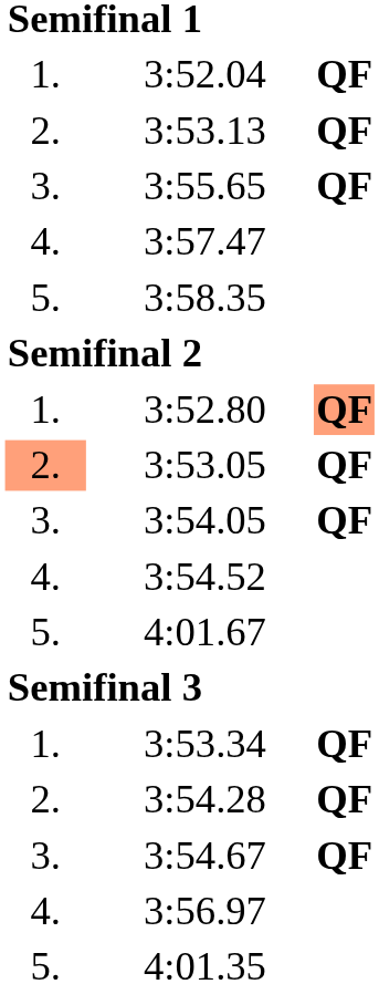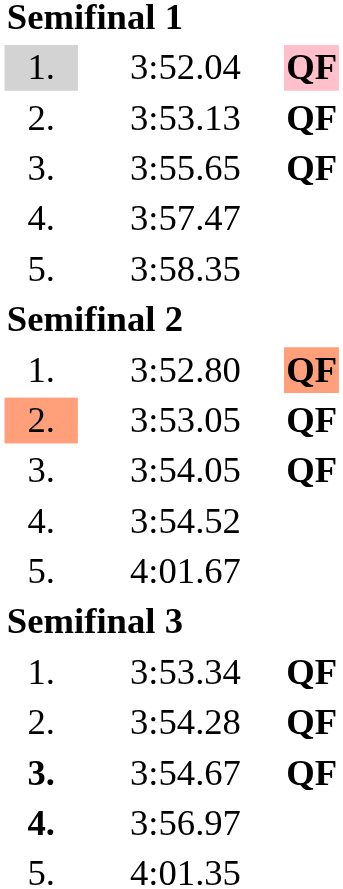 <table style="text-align:center">
 <tr>
 <td colspan=4 align=left><strong>Semifinal 1</strong></td>
 </tr>
 <tr>
-<td width=30>1.</td>
+<td width=30 style="background: lightgrey;">1.</td>
 <td align=left></td>
 <td width=80>3:52.04</td>
-<td><strong>QF</strong></td>
+<td style="background: pink;"><strong>QF</strong></td>
 </tr>
 <tr>
 <td>2.</td>
 <td align=left></td>
 <td>3:53.13</td>
 <td><strong>QF</strong></td>
 </tr>
 <tr>
 <td>3.</td>
 <td align=left></td>
 <td>3:55.65</td>
 <td><strong>QF</strong></td>
 </tr>
 <tr>
 <td>4.</td>
 <td align=left></td>
 <td>3:57.47</td>
 <td></td>
 </tr>
 <tr>
 <td>5.</td>
 <td align=left></td>
 <td>3:58.35</td>
 <td></td>
 </tr>
 <tr>
 <td colspan=4 align=left><strong>Semifinal 2</strong></td>
 </tr>
 <tr>
 <td>1.</td>
 <td align=left></td>
 <td>3:52.80</td>
 <td style="background: lightsalmon;"><strong>QF</strong></td>
 </tr>
 <tr>
 <td style="background: lightsalmon;">2.</td>
 <td align=left></td>
 <td>3:53.05</td>
 <td><strong>QF</strong></td>
 </tr>
 <tr>
 <td>3.</td>
 <td align=left></td>
 <td>3:54.05</td>
 <td><strong>QF</strong></td>
 </tr>
 <tr>
 <td>4.</td>
 <td align=left></td>
 <td>3:54.52</td>
 <td></td>
 </tr>
 <tr>
 <td>5.</td>
 <td align=left></td>
 <td>4:01.67</td>
 <td></td>
 </tr>
 <tr>
 <td colspan=4 align=left><strong>Semifinal 3</strong></td>
 </tr>
 <tr>
 <td>1.</td>
 <td align=left></td>
 <td>3:53.34</td>
 <td><strong>QF</strong></td>
 </tr>
 <tr>
 <td>2.</td>
 <td align=left></td>
 <td>3:54.28</td>
 <td><strong>QF</strong></td>
 </tr>
 <tr>
-<td>3.</td>
+<td><strong>3.</strong></td>
 <td align=left></td>
 <td>3:54.67</td>
 <td><strong>QF</strong></td>
 </tr>
 <tr>
-<td>4.</td>
+<td><strong>4.</strong></td>
 <td align=left></td>
 <td>3:56.97</td>
 <td></td>
 </tr>
 <tr>
 <td>5.</td>
 <td align=left></td>
 <td>4:01.35</td>
 <td></td>
 </tr>
 </table>
